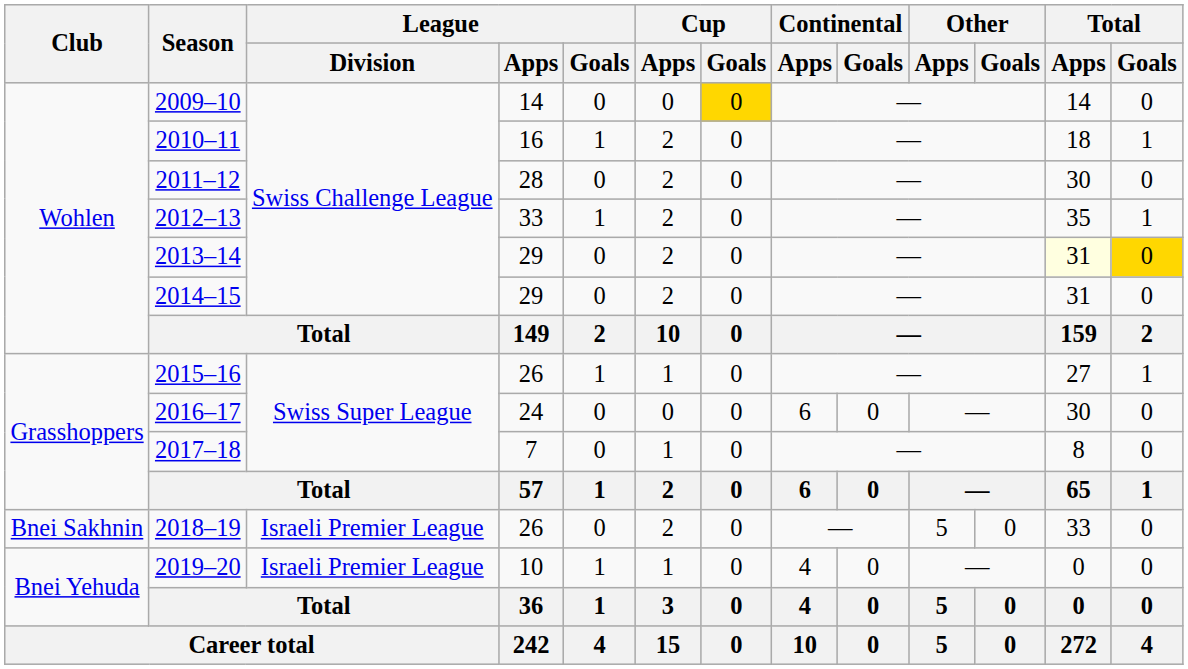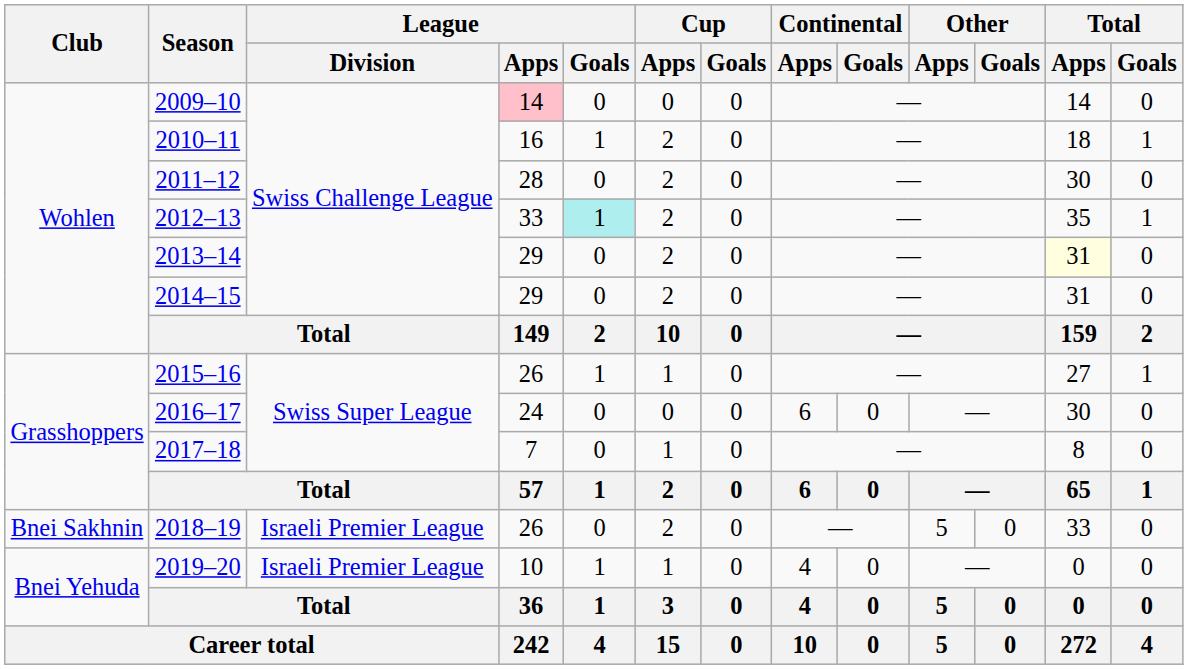 <table class="wikitable" style="text-align:center">
 <tr>
 <th rowspan="2">Club</th>
 <th rowspan="2">Season</th>
 <th colspan="3">League</th>
 <th colspan="2">Cup</th>
 <th colspan="2">Continental</th>
 <th colspan="2">Other</th>
 <th colspan="2">Total</th>
 </tr>
 <tr>
 <th>Division</th>
 <th>Apps</th>
 <th>Goals</th>
 <th>Apps</th>
 <th>Goals</th>
 <th>Apps</th>
 <th>Goals</th>
 <th>Apps</th>
 <th>Goals</th>
 <th>Apps</th>
 <th>Goals</th>
 </tr>
 <tr>
 <td rowspan="7"><a href='#'>Wohlen</a></td>
 <td><a href='#'>2009–10</a></td>
 <td rowspan="6"><a href='#'>Swiss Challenge League</a></td>
-<td>14</td>
+<td style="background: pink;">14</td>
 <td>0</td>
 <td>0</td>
-<td style="background: gold;">0</td>
+<td>0</td>
 <td colspan="4">—</td>
 <td>14</td>
 <td>0</td>
 </tr>
 <tr>
 <td><a href='#'>2010–11</a></td>
 <td>16</td>
 <td>1</td>
 <td>2</td>
 <td>0</td>
 <td colspan="4">—</td>
 <td>18</td>
 <td>1</td>
 </tr>
 <tr>
 <td><a href='#'>2011–12</a></td>
 <td>28</td>
 <td>0</td>
 <td>2</td>
 <td>0</td>
 <td colspan="4">—</td>
 <td>30</td>
 <td>0</td>
 </tr>
 <tr>
 <td><a href='#'>2012–13</a></td>
 <td>33</td>
-<td>1</td>
+<td style="background: paleturquoise;">1</td>
 <td>2</td>
 <td>0</td>
 <td colspan="4">—</td>
 <td>35</td>
 <td>1</td>
 </tr>
 <tr>
 <td><a href='#'>2013–14</a></td>
 <td>29</td>
 <td>0</td>
 <td>2</td>
 <td>0</td>
 <td colspan="4">—</td>
 <td style="background: lightyellow;">31</td>
-<td style="background: gold;">0</td>
+<td>0</td>
 </tr>
 <tr>
 <td><a href='#'>2014–15</a></td>
 <td>29</td>
 <td>0</td>
 <td>2</td>
 <td>0</td>
 <td colspan="4">—</td>
 <td>31</td>
 <td>0</td>
 </tr>
 <tr>
 <th colspan="2">Total</th>
 <th>149</th>
 <th>2</th>
 <th>10</th>
 <th>0</th>
 <th colspan="4">—</th>
 <th>159</th>
 <th>2</th>
 </tr>
 <tr>
 <td rowspan="4"><a href='#'>Grasshoppers</a></td>
 <td><a href='#'>2015–16</a></td>
 <td rowspan="3"><a href='#'>Swiss Super League</a></td>
 <td>26</td>
 <td>1</td>
 <td>1</td>
 <td>0</td>
 <td colspan="4">—</td>
 <td>27</td>
 <td>1</td>
 </tr>
 <tr>
 <td><a href='#'>2016–17</a></td>
 <td>24</td>
 <td>0</td>
 <td>0</td>
 <td>0</td>
 <td>6</td>
 <td>0</td>
 <td colspan="2">—</td>
 <td>30</td>
 <td>0</td>
 </tr>
 <tr>
 <td><a href='#'>2017–18</a></td>
 <td>7</td>
 <td>0</td>
 <td>1</td>
 <td>0</td>
 <td colspan="4">—</td>
 <td>8</td>
 <td>0</td>
 </tr>
 <tr>
 <th colspan="2">Total</th>
 <th>57</th>
 <th>1</th>
 <th>2</th>
 <th>0</th>
 <th>6</th>
 <th>0</th>
 <th colspan="2">—</th>
 <th>65</th>
 <th>1</th>
 </tr>
 <tr>
 <td><a href='#'>Bnei Sakhnin</a></td>
 <td><a href='#'>2018–19</a></td>
 <td><a href='#'>Israeli Premier League</a></td>
 <td>26</td>
 <td>0</td>
 <td>2</td>
 <td>0</td>
 <td colspan="2">—</td>
 <td>5</td>
 <td>0</td>
 <td>33</td>
 <td>0</td>
 </tr>
 <tr>
 <td rowspan="2"><a href='#'>Bnei Yehuda</a></td>
 <td><a href='#'>2019–20</a></td>
 <td><a href='#'>Israeli Premier League</a></td>
 <td>10</td>
 <td>1</td>
 <td>1</td>
 <td>0</td>
 <td>4</td>
 <td>0</td>
 <td colspan="2">—</td>
 <td>0</td>
 <td>0</td>
 </tr>
 <tr>
 <th colspan="2">Total</th>
 <th>36</th>
 <th>1</th>
 <th>3</th>
 <th>0</th>
 <th>4</th>
 <th>0</th>
 <th>5</th>
 <th>0</th>
 <th>0</th>
 <th>0</th>
 </tr>
 <tr>
 <th colspan="3">Career total</th>
 <th>242</th>
 <th>4</th>
 <th>15</th>
 <th>0</th>
 <th>10</th>
 <th>0</th>
 <th>5</th>
 <th>0</th>
 <th>272</th>
 <th>4</th>
 </tr>
 </table>
